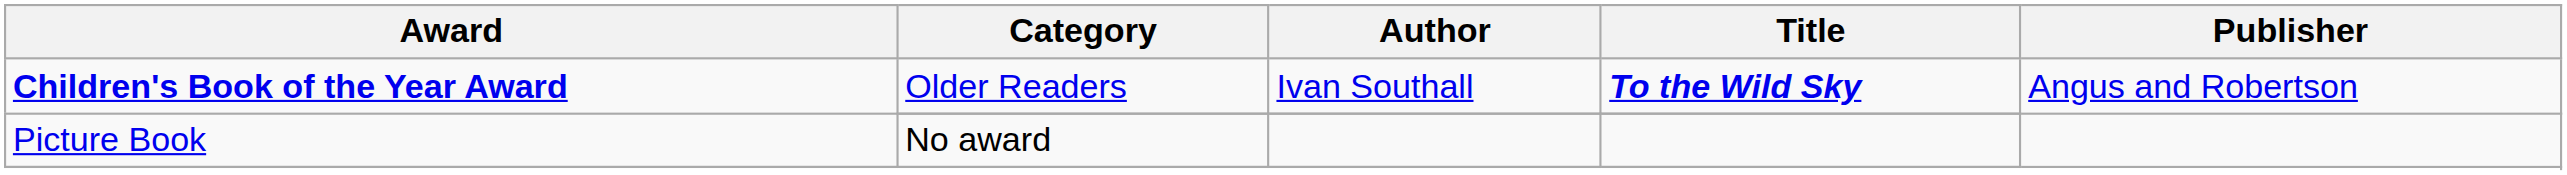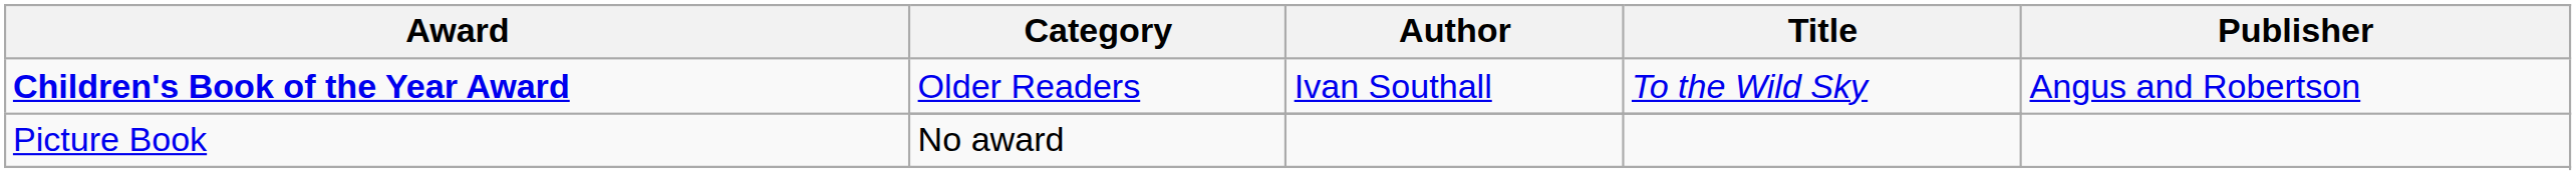 <table class="wikitable" width=95%>
 <tr>
 <th>Award</th>
 <th>Category</th>
 <th>Author</th>
 <th>Title</th>
 <th>Publisher</th>
 </tr>
 <tr>
 <td rowspan=2><strong><a href='#'>Children's Book of the Year Award</a></strong></td>
 <td><a href='#'>Older Readers</a></td>
 <td><a href='#'>Ivan Southall</a></td>
-<td><strong><em><a href='#'>To the Wild Sky</a></em></strong></td>
+<td><em><a href='#'>To the Wild Sky</a></em></td>
 <td><a href='#'>Angus and Robertson</a></td>
 </tr>
 <tr>
 </tr>
 <tr>
 <td><a href='#'>Picture Book</a></td>
 <td>No award</td>
 <td></td>
 <td></td>
 </tr>
 <tr>
 </tr>
 </table>
